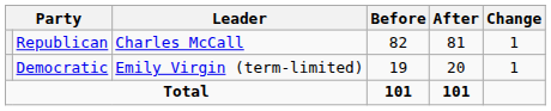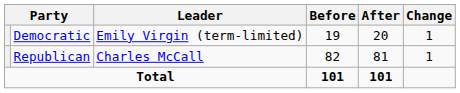 <table class="wikitable" style="text-align:center;">
 <tr>
 </tr>
 <tr>
 <th colspan=2>Party</th>
 <th>Leader</th>
 <th style="width:3em">Before</th>
 <th style="width:3em">After</th>
 <th style="width:3em">Change</th>
 </tr>
 <tr>
 <th style="background-color:"></th>
+<td style="text-align:left;"><a href='#'>Democratic</a></td>
+<td style="text-align:left;"><a href='#'>Emily Virgin</a> (term-limited)</td>
+<td>19</td>
+<td>20</td>
+<td> 1</td>
+</tr>
+<tr>
+<th style="background-color:"></th>
 <td style="text-align:left;"><a href='#'>Republican</a></td>
 <td style="text-align:left;"><a href='#'>Charles McCall</a></td>
 <td>82</td>
 <td>81</td>
-<td> 1</td>
-</tr>
-<tr>
-<th style="background-color:"></th>
-<td style="text-align:left;"><a href='#'>Democratic</a></td>
-<td style="text-align:left;"><a href='#'>Emily Virgin</a> (term-limited)</td>
-<td>19</td>
-<td>20</td>
 <td> 1</td>
 </tr>
 <tr>
 <td colspan=3><strong>Total</strong></td>
 <td><strong>101</strong></td>
 <td><strong>101</strong></td>
 <td></td>
 </tr>
 </table>
